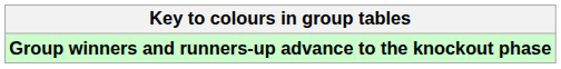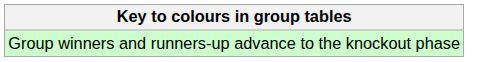 <table class="wikitable">
 <tr>
 <th>Key to colours in group tables</th>
 </tr>
 <tr style="background:#cfc;">
-<td><strong>Group winners and runners-up advance to the knockout phase</strong></td>
+<td>Group winners and runners-up advance to the knockout phase</td>
 </tr>
 </table>
